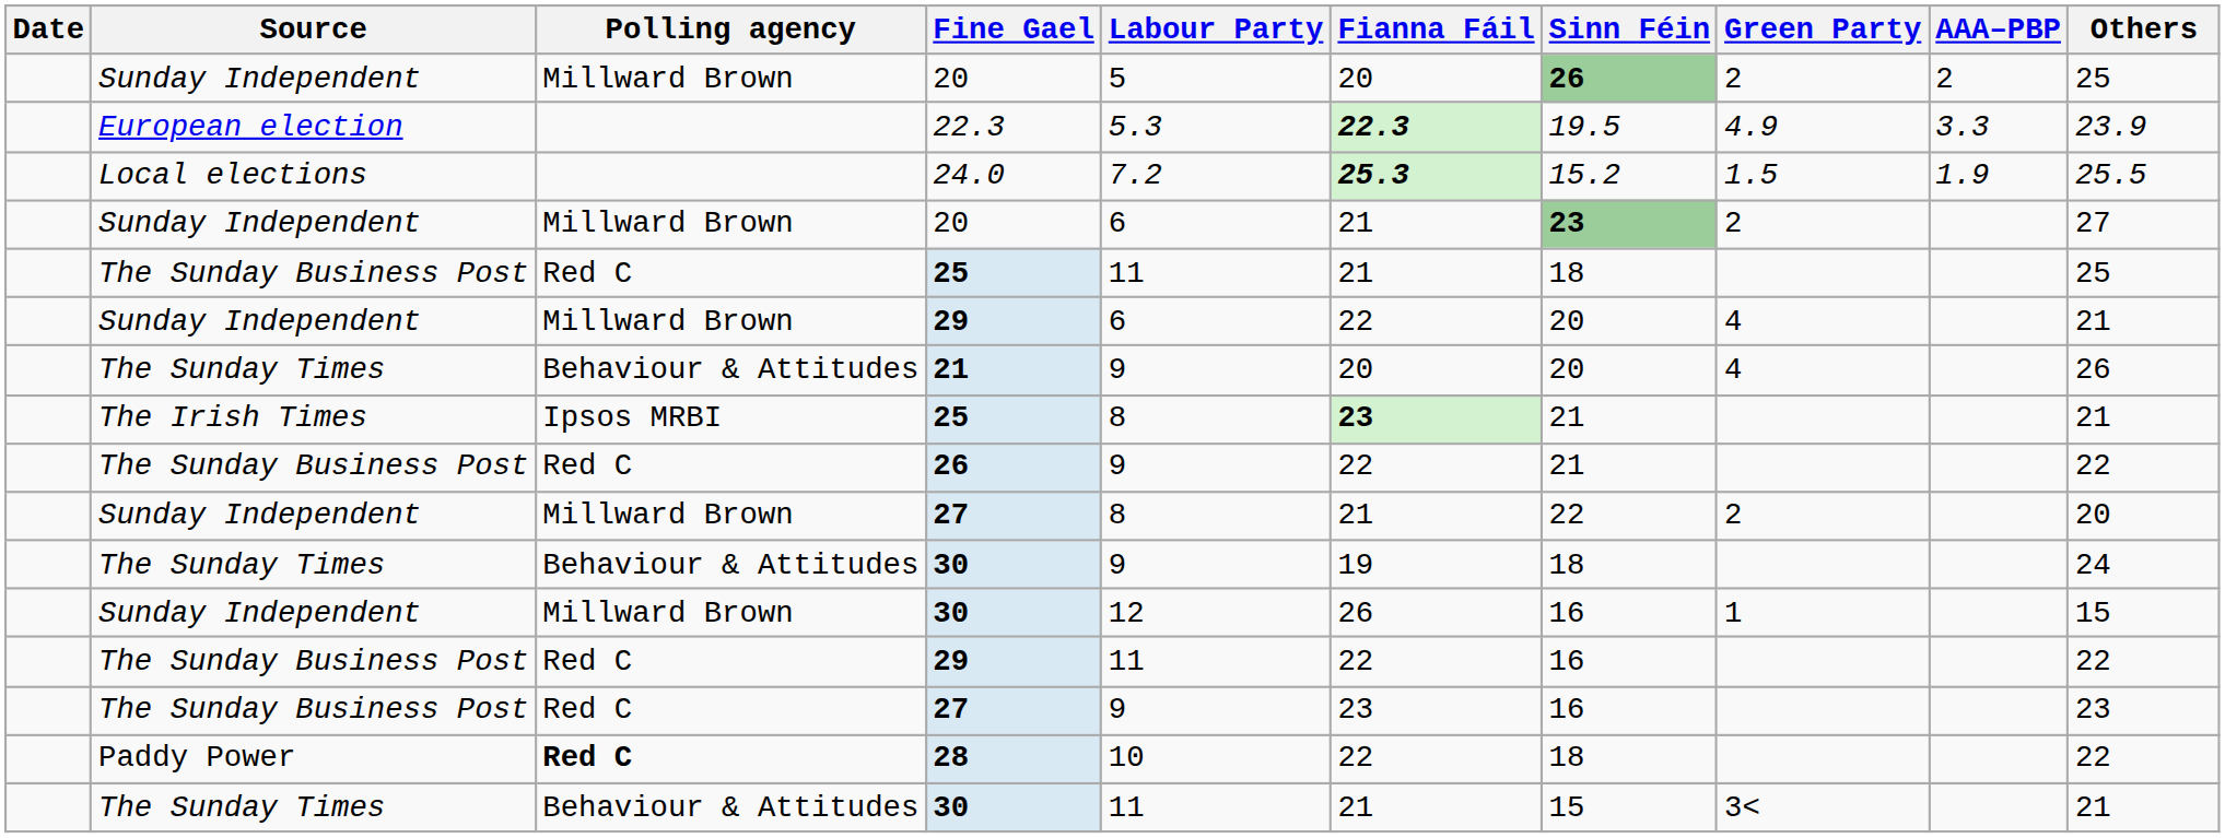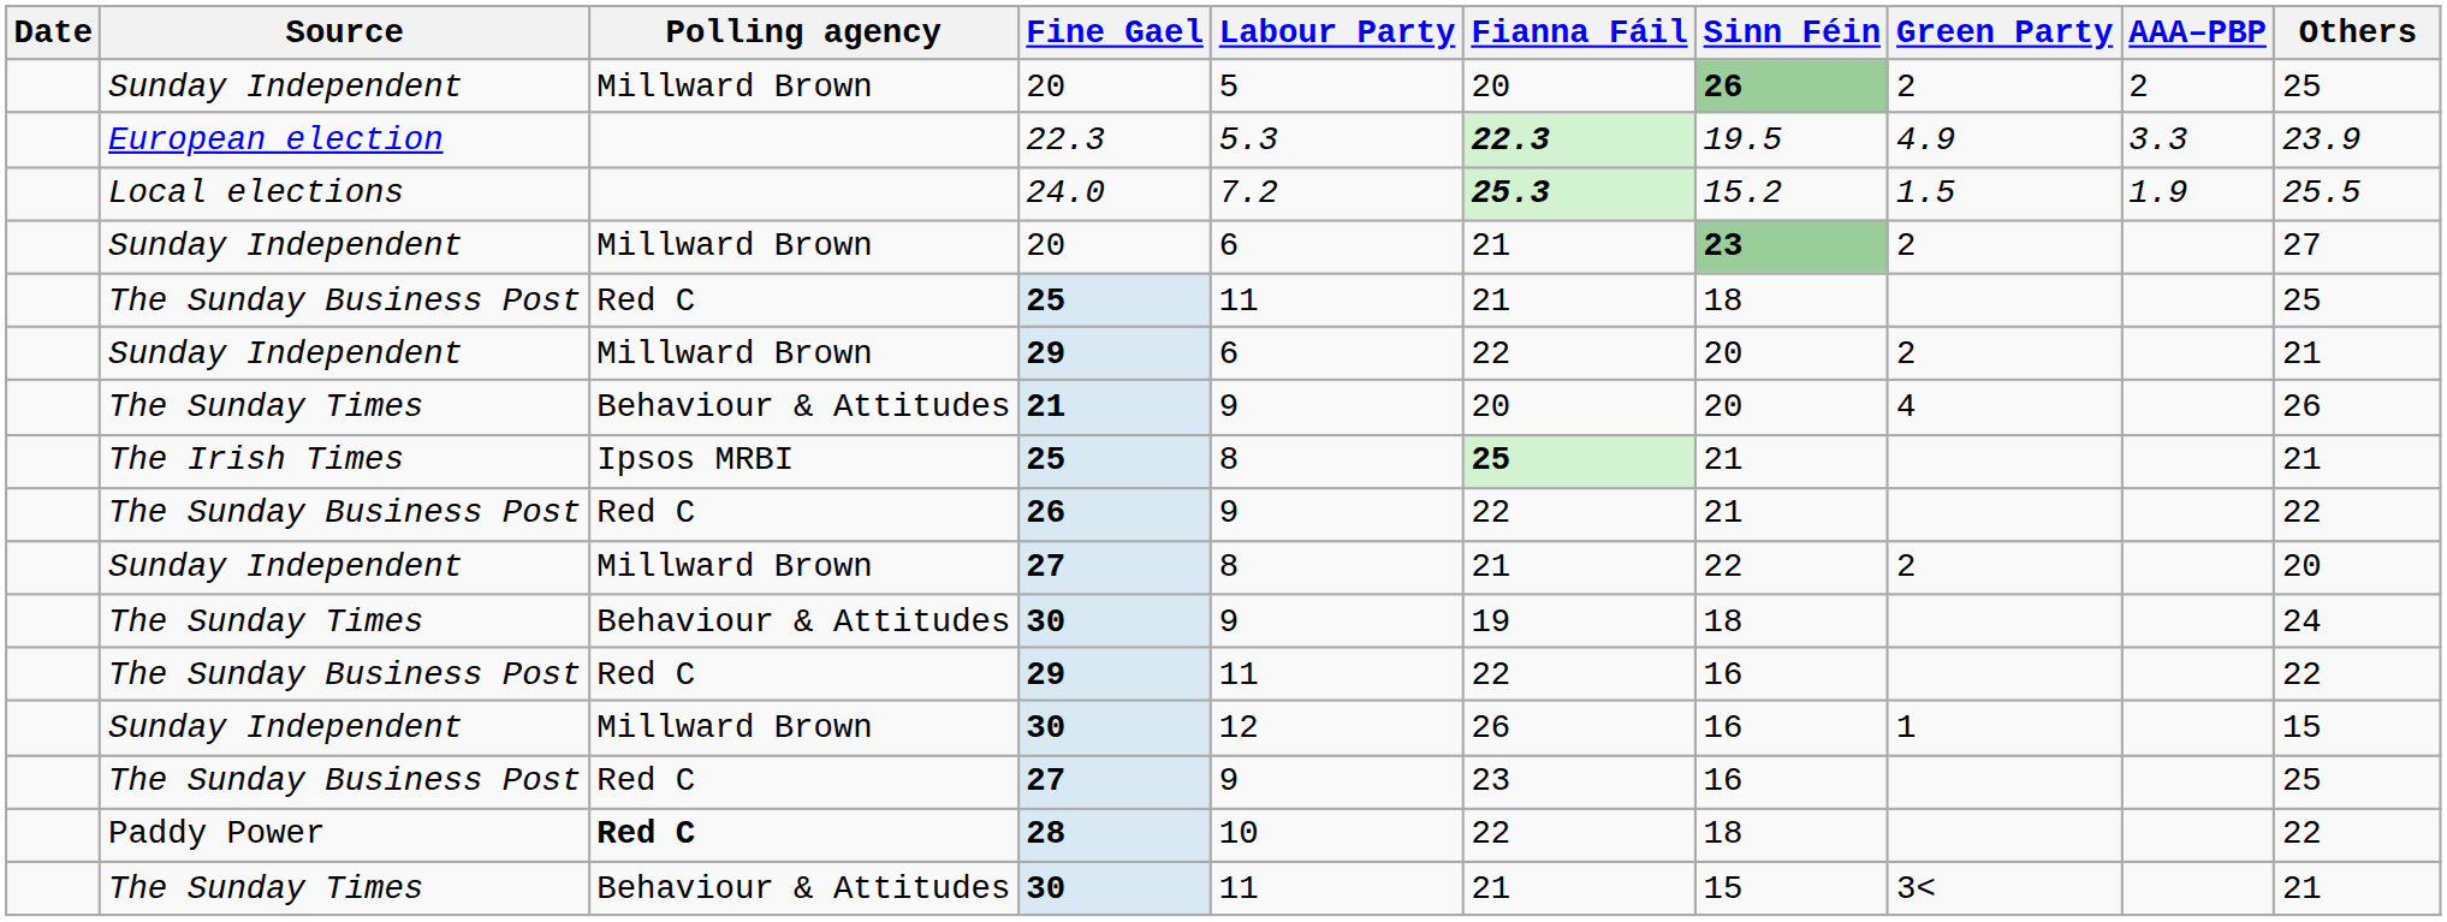 <table class="wikitable sortable">
 <tr>
 <th>Date</th>
 <th>Source</th>
 <th>Polling agency</th>
 <th class=unsortable style="background:"><a href='#'><span>Fine Gael</span></a></th>
 <th class=unsortable style="background:"><a href='#'><span>Labour Party</span></a></th>
 <th class=unsortable style="background:"><a href='#'><span>Fianna Fáil</span></a></th>
 <th class=unsortable style="background:"><a href='#'><span>Sinn Féin</span></a></th>
 <th class=unsortable style="background:"><a href='#'><span>Green Party</span></a></th>
 <th class=unsortable style="background:"><a href='#'><span>AAA–PBP</span></a></th>
 <th class=unsortable style="width:60px">Others</th>
 </tr>
 <tr>
 <td></td>
 <td><em>Sunday Independent</em></td>
 <td>Millward Brown</td>
 <td>20</td>
 <td>5</td>
 <td>20</td>
 <td style="background:#9BCD9B"><strong>26</strong></td>
 <td>2</td>
 <td>2</td>
 <td>25</td>
 </tr>
 <tr>
 <td><em></em></td>
 <td><em><a href='#'>European election</a></em></td>
 <td></td>
 <td><em>22.3</em></td>
 <td><em>5.3</em></td>
 <td style="background:#D3F2D0"><strong><em>22.3</em></strong></td>
 <td><em>19.5</em></td>
 <td><em>4.9</em></td>
 <td><em>3.3</em></td>
 <td><em>23.9</em></td>
 </tr>
 <tr>
 <td><em></em></td>
 <td><em>Local elections</em></td>
 <td></td>
 <td><em>24.0</em></td>
 <td><em>7.2</em></td>
 <td style="background:#D3F2D0"><strong><em>25.3</em></strong></td>
 <td><em>15.2</em></td>
 <td><em>1.5</em></td>
 <td><em>1.9</em></td>
 <td><em>25.5</em></td>
 </tr>
 <tr>
 <td></td>
 <td><em>Sunday Independent</em></td>
 <td>Millward Brown</td>
 <td>20</td>
 <td>6</td>
 <td>21</td>
 <td style="background:#9BCD9B"><strong>23</strong></td>
 <td>2</td>
 <td></td>
 <td>27</td>
 </tr>
 <tr>
 <td></td>
 <td><em>The Sunday Business Post</em></td>
 <td>Red C</td>
 <td style="background:#D9E9F4"><strong>25</strong></td>
 <td>11</td>
 <td>21</td>
 <td>18</td>
 <td></td>
 <td></td>
 <td>25</td>
 </tr>
 <tr>
 <td></td>
 <td><em>Sunday Independent</em></td>
 <td>Millward Brown</td>
 <td style="background:#D9E9F4"><strong>29</strong></td>
 <td>6</td>
 <td>22</td>
 <td>20</td>
-<td>4</td>
+<td>2</td>
 <td></td>
 <td>21</td>
 </tr>
 <tr>
 <td></td>
 <td><em>The Sunday Times</em></td>
 <td>Behaviour & Attitudes</td>
 <td style="background:#D9E9F4"><strong>21</strong></td>
 <td>9</td>
 <td>20</td>
 <td>20</td>
 <td>4</td>
 <td></td>
 <td>26</td>
 </tr>
 <tr>
 <td></td>
 <td><em>The Irish Times</em></td>
 <td>Ipsos MRBI</td>
 <td style="background:#D9E9F4"><strong>25</strong></td>
 <td>8</td>
-<td style="background:#D3F2D0"><strong>23</strong></td>
+<td style="background:#D3F2D0"><strong>25</strong></td>
 <td>21</td>
 <td></td>
 <td></td>
 <td>21</td>
 </tr>
 <tr>
 <td></td>
 <td><em>The Sunday Business Post</em></td>
 <td>Red C</td>
 <td style="background:#D9E9F4"><strong>26</strong></td>
 <td>9</td>
 <td>22</td>
 <td>21</td>
 <td></td>
 <td></td>
 <td>22</td>
 </tr>
 <tr>
 <td></td>
 <td><em>Sunday Independent</em></td>
 <td>Millward Brown</td>
 <td style="background:#D9E9F4"><strong>27</strong></td>
 <td>8</td>
 <td>21</td>
 <td>22</td>
 <td>2</td>
 <td></td>
 <td>20</td>
 </tr>
 <tr>
 <td></td>
 <td><em>The Sunday Times</em></td>
 <td>Behaviour & Attitudes</td>
 <td style="background:#D9E9F4"><strong>30</strong></td>
 <td>9</td>
 <td>19</td>
 <td>18</td>
 <td></td>
 <td></td>
 <td>24</td>
 </tr>
 <tr>
 <td></td>
+<td><em>The Sunday Business Post</em></td>
+<td>Red C</td>
+<td style="background:#D9E9F4"><strong>29</strong></td>
+<td>11</td>
+<td>22</td>
+<td>16</td>
+<td></td>
+<td></td>
+<td>22</td>
+</tr>
+<tr>
+<td></td>
 <td><em>Sunday Independent</em></td>
 <td>Millward Brown</td>
 <td style="background:#D9E9F4"><strong>30</strong></td>
 <td>12</td>
 <td>26</td>
 <td>16</td>
 <td>1</td>
 <td></td>
 <td>15</td>
 </tr>
 <tr>
 <td></td>
 <td><em>The Sunday Business Post</em></td>
 <td>Red C</td>
-<td style="background:#D9E9F4"><strong>29</strong></td>
-<td>11</td>
-<td>22</td>
-<td>16</td>
-<td></td>
-<td></td>
-<td>22</td>
-</tr>
-<tr>
-<td></td>
-<td><em>The Sunday Business Post</em></td>
-<td>Red C</td>
 <td style="background:#D9E9F4"><strong>27</strong></td>
 <td>9</td>
 <td>23</td>
 <td>16</td>
 <td></td>
 <td></td>
-<td>23</td>
+<td>25</td>
 </tr>
 <tr>
 <td></td>
 <td>Paddy Power</td>
 <td><strong>Red C</strong></td>
 <td style="background:#D9E9F4"><strong>28</strong></td>
 <td>10</td>
 <td>22</td>
 <td>18</td>
 <td></td>
 <td></td>
 <td>22</td>
 </tr>
 <tr>
 <td></td>
 <td><em>The Sunday Times</em></td>
 <td>Behaviour & Attitudes</td>
 <td style="background:#D9E9F4"><strong>30</strong></td>
 <td>11</td>
 <td>21</td>
 <td>15</td>
 <td>3<</td>
 <td></td>
 <td>21</td>
 </tr>
 </table>
